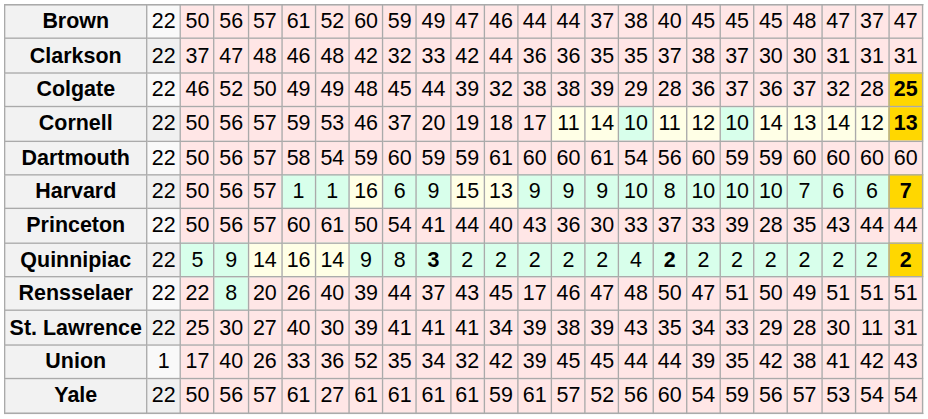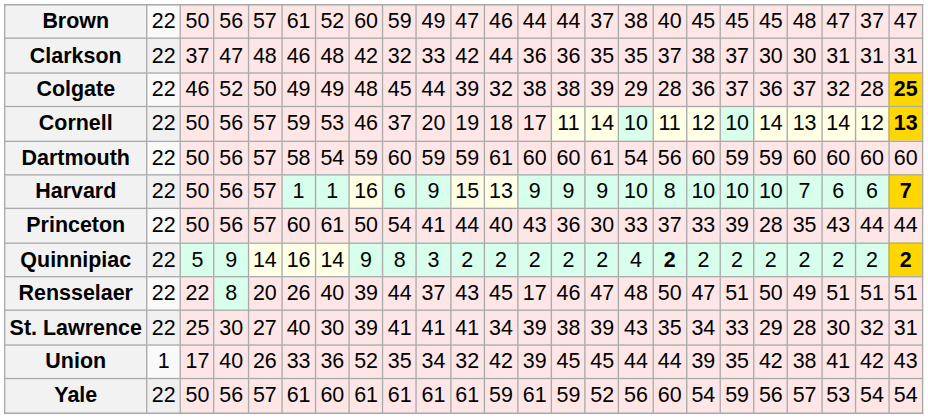 <table class="wikitable sortable" style="text-align: center;">
 <tr>
 </tr>
 <tr>
 <th>Brown</th>
 <td>22</td>
 <td bgcolor=FFE6E6>50</td>
 <td bgcolor=FFE6E6>56</td>
 <td bgcolor=FFE6E6>57</td>
 <td bgcolor=FFE6E6>61</td>
 <td bgcolor=FFE6E6>52</td>
 <td bgcolor=FFE6E6>60</td>
 <td bgcolor=FFE6E6>59</td>
 <td bgcolor=FFE6E6>49</td>
 <td bgcolor=FFE6E6>47</td>
 <td bgcolor=FFE6E6>46</td>
 <td bgcolor=FFE6E6>44</td>
 <td bgcolor=FFE6E6>44</td>
 <td bgcolor=FFE6E6>37</td>
 <td bgcolor=FFE6E6>38</td>
 <td bgcolor=FFE6E6>40</td>
 <td bgcolor=FFE6E6>45</td>
 <td bgcolor=FFE6E6>45</td>
 <td bgcolor=FFE6E6>45</td>
 <td bgcolor=FFE6E6>48</td>
 <td bgcolor=FFE6E6>47</td>
 <td bgcolor=FFE6E6>37</td>
 <td bgcolor=FFE6E6>47</td>
 </tr>
 <tr bgcolor=f0f0f0>
 <th>Clarkson</th>
 <td>22</td>
 <td bgcolor=FFE6E6>37</td>
 <td bgcolor=FFE6E6>47</td>
 <td bgcolor=FFE6E6>48</td>
 <td bgcolor=FFE6E6>46</td>
 <td bgcolor=FFE6E6>48</td>
 <td bgcolor=FFE6E6>42</td>
 <td bgcolor=FFE6E6>32</td>
 <td bgcolor=FFE6E6>33</td>
 <td bgcolor=FFE6E6>42</td>
 <td bgcolor=FFE6E6>44</td>
 <td bgcolor=FFE6E6>36</td>
 <td bgcolor=FFE6E6>36</td>
 <td bgcolor=FFE6E6>35</td>
 <td bgcolor=FFE6E6>35</td>
 <td bgcolor=FFE6E6>37</td>
 <td bgcolor=FFE6E6>38</td>
 <td bgcolor=FFE6E6>37</td>
 <td bgcolor=FFE6E6>30</td>
 <td bgcolor=FFE6E6>30</td>
 <td bgcolor=FFE6E6>31</td>
 <td bgcolor=FFE6E6>31</td>
 <td bgcolor=FFE6E6>31</td>
 </tr>
 <tr>
 <th>Colgate</th>
 <td>22</td>
 <td bgcolor=FFE6E6>46</td>
 <td bgcolor=FFE6E6>52</td>
 <td bgcolor=FFE6E6>50</td>
 <td bgcolor=FFE6E6>49</td>
 <td bgcolor=FFE6E6>49</td>
 <td bgcolor=FFE6E6>48</td>
 <td bgcolor=FFE6E6>45</td>
 <td bgcolor=FFE6E6>44</td>
 <td bgcolor=FFE6E6>39</td>
 <td bgcolor=FFE6E6>32</td>
 <td bgcolor=FFE6E6>38</td>
 <td bgcolor=FFE6E6>38</td>
 <td bgcolor=FFE6E6>39</td>
 <td bgcolor=FFE6E6>29</td>
 <td bgcolor=FFE6E6>28</td>
 <td bgcolor=FFE6E6>36</td>
 <td bgcolor=FFE6E6>37</td>
 <td bgcolor=FFE6E6>36</td>
 <td bgcolor=FFE6E6>37</td>
 <td bgcolor=FFE6E6>32</td>
 <td bgcolor=FFE6E6>28</td>
 <td bgcolor=gold><strong>25</strong></td>
 </tr>
 <tr bgcolor=f0f0f0>
 <th>Cornell</th>
 <td>22</td>
 <td bgcolor=FFE6E6>50</td>
 <td bgcolor=FFE6E6>56</td>
 <td bgcolor=FFE6E6>57</td>
 <td bgcolor=FFE6E6>59</td>
 <td bgcolor=FFE6E6>53</td>
 <td bgcolor=FFE6E6>46</td>
 <td bgcolor=FFE6E6>37</td>
 <td bgcolor=FFE6E6>20</td>
 <td bgcolor=FFE6E6>19</td>
 <td bgcolor=FFE6E6>18</td>
 <td bgcolor=FFE6E6>17</td>
 <td bgcolor=FFFFE6>11</td>
 <td bgcolor=FFFFE6>14</td>
 <td bgcolor=D8FFEB>10</td>
 <td bgcolor=FFFFE6>11</td>
 <td bgcolor=FFFFE6>12</td>
 <td bgcolor=D8FFEB>10</td>
 <td bgcolor=FFFFE6>14</td>
 <td bgcolor=FFFFE6>13</td>
 <td bgcolor=FFFFE6>14</td>
 <td bgcolor=FFFFE6>12</td>
 <td bgcolor=gold><strong>13</strong></td>
 </tr>
 <tr>
 <th>Dartmouth</th>
 <td>22</td>
 <td bgcolor=FFE6E6>50</td>
 <td bgcolor=FFE6E6>56</td>
 <td bgcolor=FFE6E6>57</td>
 <td bgcolor=FFE6E6>58</td>
 <td bgcolor=FFE6E6>54</td>
 <td bgcolor=FFE6E6>59</td>
 <td bgcolor=FFE6E6>60</td>
 <td bgcolor=FFE6E6>59</td>
 <td bgcolor=FFE6E6>59</td>
 <td bgcolor=FFE6E6>61</td>
 <td bgcolor=FFE6E6>60</td>
 <td bgcolor=FFE6E6>60</td>
 <td bgcolor=FFE6E6>61</td>
 <td bgcolor=FFE6E6>54</td>
 <td bgcolor=FFE6E6>56</td>
 <td bgcolor=FFE6E6>60</td>
 <td bgcolor=FFE6E6>59</td>
 <td bgcolor=FFE6E6>59</td>
 <td bgcolor=FFE6E6>60</td>
 <td bgcolor=FFE6E6>60</td>
 <td bgcolor=FFE6E6>60</td>
 <td bgcolor=FFE6E6>60</td>
 </tr>
 <tr bgcolor=f0f0f0>
 <th>Harvard</th>
 <td>22</td>
 <td bgcolor=FFE6E6>50</td>
 <td bgcolor=FFE6E6>56</td>
 <td bgcolor=FFE6E6>57</td>
 <td bgcolor=D8FFEB>1</td>
 <td bgcolor=D8FFEB>1</td>
 <td bgcolor=FFFFE6>16</td>
 <td bgcolor=D8FFEB>6</td>
 <td bgcolor=D8FFEB>9</td>
 <td bgcolor=FFFFE6>15</td>
 <td bgcolor=FFFFE6>13</td>
 <td bgcolor=D8FFEB>9</td>
 <td bgcolor=D8FFEB>9</td>
 <td bgcolor=D8FFEB>9</td>
 <td bgcolor=D8FFEB>10</td>
 <td bgcolor=D8FFEB>8</td>
 <td bgcolor=D8FFEB>10</td>
 <td bgcolor=D8FFEB>10</td>
 <td bgcolor=D8FFEB>10</td>
 <td bgcolor=D8FFEB>7</td>
 <td bgcolor=D8FFEB>6</td>
 <td bgcolor=D8FFEB>6</td>
 <td bgcolor=gold><strong>7</strong></td>
 </tr>
 <tr>
 <th>Princeton</th>
 <td>22</td>
 <td bgcolor=FFE6E6>50</td>
 <td bgcolor=FFE6E6>56</td>
 <td bgcolor=FFE6E6>57</td>
 <td bgcolor=FFE6E6>60</td>
 <td bgcolor=FFE6E6>61</td>
 <td bgcolor=FFE6E6>50</td>
 <td bgcolor=FFE6E6>54</td>
 <td bgcolor=FFE6E6>41</td>
 <td bgcolor=FFE6E6>44</td>
 <td bgcolor=FFE6E6>40</td>
 <td bgcolor=FFE6E6>43</td>
 <td bgcolor=FFE6E6>36</td>
 <td bgcolor=FFE6E6>30</td>
 <td bgcolor=FFE6E6>33</td>
 <td bgcolor=FFE6E6>37</td>
 <td bgcolor=FFE6E6>33</td>
 <td bgcolor=FFE6E6>39</td>
 <td bgcolor=FFE6E6>28</td>
 <td bgcolor=FFE6E6>35</td>
 <td bgcolor=FFE6E6>43</td>
 <td bgcolor=FFE6E6>44</td>
 <td bgcolor=FFE6E6>44</td>
 </tr>
 <tr bgcolor=f0f0f0>
 <th>Quinnipiac</th>
 <td>22</td>
 <td bgcolor=D8FFEB>5</td>
 <td bgcolor=D8FFEB>9</td>
 <td bgcolor=FFFFE6>14</td>
 <td bgcolor=FFFFE6>16</td>
 <td bgcolor=FFFFE6>14</td>
 <td bgcolor=D8FFEB>9</td>
 <td bgcolor=D8FFEB>8</td>
-<td bgcolor=D8FFEB><strong>3</strong></td>
+<td bgcolor=D8FFEB>3</td>
 <td bgcolor=D8FFEB>2</td>
 <td bgcolor=D8FFEB>2</td>
 <td bgcolor=D8FFEB>2</td>
 <td bgcolor=D8FFEB>2</td>
 <td bgcolor=D8FFEB>2</td>
 <td bgcolor=D8FFEB>4</td>
 <td bgcolor=D8FFEB><strong>2</strong></td>
 <td bgcolor=D8FFEB>2</td>
 <td bgcolor=D8FFEB>2</td>
 <td bgcolor=D8FFEB>2</td>
 <td bgcolor=D8FFEB>2</td>
 <td bgcolor=D8FFEB>2</td>
 <td bgcolor=D8FFEB>2</td>
 <td bgcolor=gold><strong>2</strong></td>
 </tr>
 <tr>
 <th>Rensselaer</th>
 <td>22</td>
 <td bgcolor=FFE6E6>22</td>
 <td bgcolor=D8FFEB>8</td>
 <td bgcolor=FFE6E6>20</td>
 <td bgcolor=FFE6E6>26</td>
 <td bgcolor=FFE6E6>40</td>
 <td bgcolor=FFE6E6>39</td>
 <td bgcolor=FFE6E6>44</td>
 <td bgcolor=FFE6E6>37</td>
 <td bgcolor=FFE6E6>43</td>
 <td bgcolor=FFE6E6>45</td>
 <td bgcolor=FFE6E6>17</td>
 <td bgcolor=FFE6E6>46</td>
 <td bgcolor=FFE6E6>47</td>
 <td bgcolor=FFE6E6>48</td>
 <td bgcolor=FFE6E6>50</td>
 <td bgcolor=FFE6E6>47</td>
 <td bgcolor=FFE6E6>51</td>
 <td bgcolor=FFE6E6>50</td>
 <td bgcolor=FFE6E6>49</td>
 <td bgcolor=FFE6E6>51</td>
 <td bgcolor=FFE6E6>51</td>
 <td bgcolor=FFE6E6>51</td>
 </tr>
 <tr bgcolor=f0f0f0>
 <th>St. Lawrence</th>
 <td>22</td>
 <td bgcolor=FFE6E6>25</td>
 <td bgcolor=FFE6E6>30</td>
 <td bgcolor=FFE6E6>27</td>
 <td bgcolor=FFE6E6>40</td>
 <td bgcolor=FFE6E6>30</td>
 <td bgcolor=FFE6E6>39</td>
 <td bgcolor=FFE6E6>41</td>
 <td bgcolor=FFE6E6>41</td>
 <td bgcolor=FFE6E6>41</td>
 <td bgcolor=FFE6E6>34</td>
 <td bgcolor=FFE6E6>39</td>
 <td bgcolor=FFE6E6>38</td>
 <td bgcolor=FFE6E6>39</td>
 <td bgcolor=FFE6E6>43</td>
 <td bgcolor=FFE6E6>35</td>
 <td bgcolor=FFE6E6>34</td>
 <td bgcolor=FFE6E6>33</td>
 <td bgcolor=FFE6E6>29</td>
 <td bgcolor=FFE6E6>28</td>
 <td bgcolor=FFE6E6>30</td>
-<td bgcolor=FFE6E6>11</td>
+<td bgcolor=FFE6E6>32</td>
 <td bgcolor=FFE6E6>31</td>
 </tr>
 <tr>
 <th>Union</th>
 <td>1</td>
 <td bgcolor=FFE6E6>17</td>
 <td bgcolor=FFE6E6>40</td>
 <td bgcolor=FFE6E6>26</td>
 <td bgcolor=FFE6E6>33</td>
 <td bgcolor=FFE6E6>36</td>
 <td bgcolor=FFE6E6>52</td>
 <td bgcolor=FFE6E6>35</td>
 <td bgcolor=FFE6E6>34</td>
 <td bgcolor=FFE6E6>32</td>
 <td bgcolor=FFE6E6>42</td>
 <td bgcolor=FFE6E6>39</td>
 <td bgcolor=FFE6E6>45</td>
 <td bgcolor=FFE6E6>45</td>
 <td bgcolor=FFE6E6>44</td>
 <td bgcolor=FFE6E6>44</td>
 <td bgcolor=FFE6E6>39</td>
 <td bgcolor=FFE6E6>35</td>
 <td bgcolor=FFE6E6>42</td>
 <td bgcolor=FFE6E6>38</td>
 <td bgcolor=FFE6E6>41</td>
 <td bgcolor=FFE6E6>42</td>
 <td bgcolor=FFE6E6>43</td>
 </tr>
 <tr bgcolor=f0f0f0>
 <th>Yale</th>
 <td>22</td>
 <td bgcolor=FFE6E6>50</td>
 <td bgcolor=FFE6E6>56</td>
 <td bgcolor=FFE6E6>57</td>
 <td bgcolor=FFE6E6>61</td>
-<td bgcolor=FFE6E6>27</td>
+<td bgcolor=FFE6E6>60</td>
 <td bgcolor=FFE6E6>61</td>
 <td bgcolor=FFE6E6>61</td>
 <td bgcolor=FFE6E6>61</td>
 <td bgcolor=FFE6E6>61</td>
 <td bgcolor=FFE6E6>59</td>
 <td bgcolor=FFE6E6>61</td>
-<td bgcolor=FFE6E6>57</td>
+<td bgcolor=FFE6E6>59</td>
 <td bgcolor=FFE6E6>52</td>
 <td bgcolor=FFE6E6>56</td>
 <td bgcolor=FFE6E6>60</td>
 <td bgcolor=FFE6E6>54</td>
 <td bgcolor=FFE6E6>59</td>
 <td bgcolor=FFE6E6>56</td>
 <td bgcolor=FFE6E6>57</td>
 <td bgcolor=FFE6E6>53</td>
 <td bgcolor=FFE6E6>54</td>
 <td bgcolor=FFE6E6>54</td>
 </tr>
 <tr>
 </tr>
 </table>
